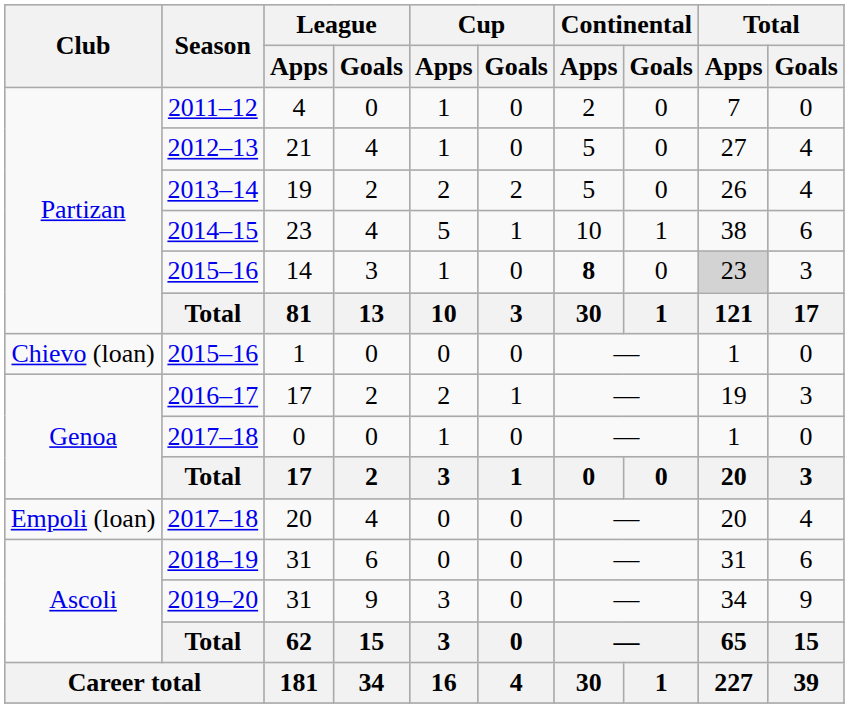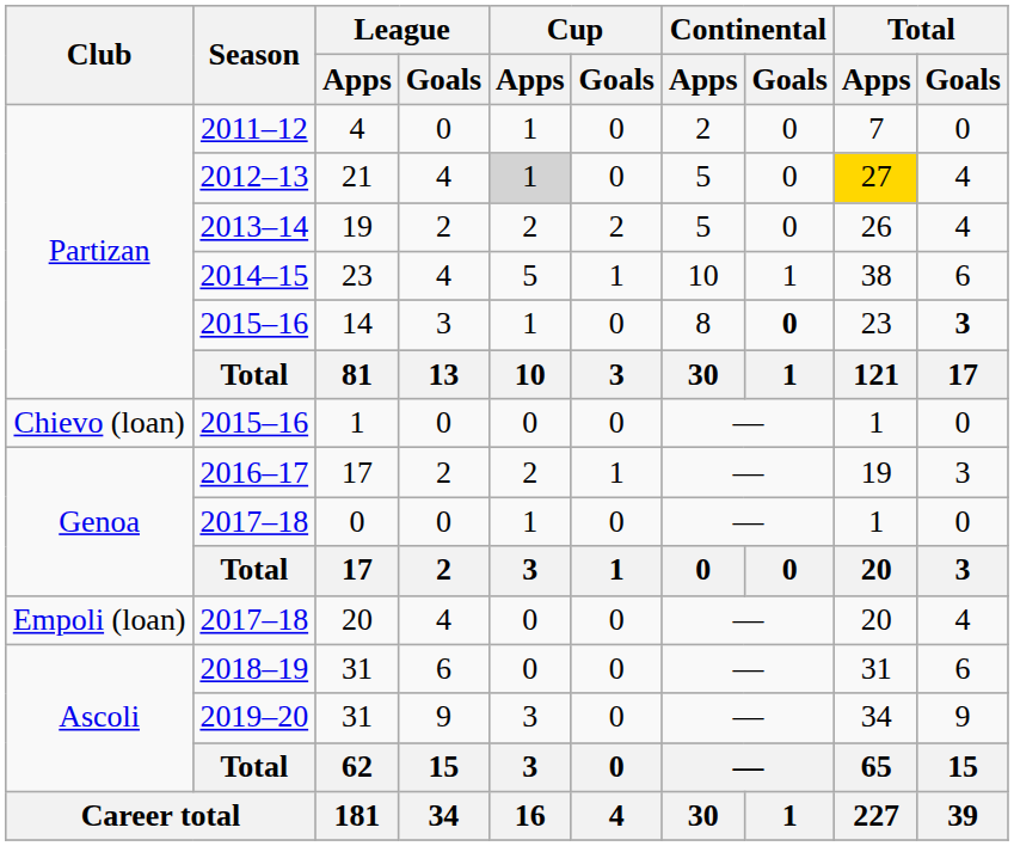 <table class="wikitable" style="text-align:center">
 <tr>
 <th rowspan="2">Club</th>
 <th rowspan="2">Season</th>
 <th colspan="2">League</th>
 <th colspan="2">Cup</th>
 <th colspan="2">Continental</th>
 <th colspan="2">Total</th>
 </tr>
 <tr>
 <th>Apps</th>
 <th>Goals</th>
 <th>Apps</th>
 <th>Goals</th>
 <th>Apps</th>
 <th>Goals</th>
 <th>Apps</th>
 <th>Goals</th>
 </tr>
 <tr>
 <td rowspan="6"><a href='#'>Partizan</a></td>
 <td><a href='#'>2011–12</a></td>
 <td>4</td>
 <td>0</td>
 <td>1</td>
 <td>0</td>
 <td>2</td>
 <td>0</td>
 <td>7</td>
 <td>0</td>
 </tr>
 <tr>
 <td><a href='#'>2012–13</a></td>
 <td>21</td>
 <td>4</td>
-<td>1</td>
+<td style="background: lightgrey;">1</td>
 <td>0</td>
 <td>5</td>
 <td>0</td>
-<td>27</td>
+<td style="background: gold;">27</td>
 <td>4</td>
 </tr>
 <tr>
 <td><a href='#'>2013–14</a></td>
 <td>19</td>
 <td>2</td>
 <td>2</td>
 <td>2</td>
 <td>5</td>
 <td>0</td>
 <td>26</td>
 <td>4</td>
 </tr>
 <tr>
 <td><a href='#'>2014–15</a></td>
 <td>23</td>
 <td>4</td>
 <td>5</td>
 <td>1</td>
 <td>10</td>
 <td>1</td>
 <td>38</td>
 <td>6</td>
 </tr>
 <tr>
 <td><a href='#'>2015–16</a></td>
 <td>14</td>
 <td>3</td>
 <td>1</td>
 <td>0</td>
-<td><strong>8</strong></td>
-<td>0</td>
-<td style="background: lightgrey;">23</td>
-<td>3</td>
+<td>8</td>
+<td><strong>0</strong></td>
+<td>23</td>
+<td><strong>3</strong></td>
 </tr>
 <tr>
 <th>Total</th>
 <th>81</th>
 <th>13</th>
 <th>10</th>
 <th>3</th>
 <th>30</th>
 <th>1</th>
 <th>121</th>
 <th>17</th>
 </tr>
 <tr>
 <td><a href='#'>Chievo</a> (loan)</td>
 <td><a href='#'>2015–16</a></td>
 <td>1</td>
 <td>0</td>
 <td>0</td>
 <td>0</td>
 <td colspan="2">—</td>
 <td>1</td>
 <td>0</td>
 </tr>
 <tr>
 <td rowspan="3"><a href='#'>Genoa</a></td>
 <td><a href='#'>2016–17</a></td>
 <td>17</td>
 <td>2</td>
 <td>2</td>
 <td>1</td>
 <td colspan="2">—</td>
 <td>19</td>
 <td>3</td>
 </tr>
 <tr>
 <td><a href='#'>2017–18</a></td>
 <td>0</td>
 <td>0</td>
 <td>1</td>
 <td>0</td>
 <td colspan="2">—</td>
 <td>1</td>
 <td>0</td>
 </tr>
 <tr>
 <th>Total</th>
 <th>17</th>
 <th>2</th>
 <th>3</th>
 <th>1</th>
 <th>0</th>
 <th>0</th>
 <th>20</th>
 <th>3</th>
 </tr>
 <tr>
 <td><a href='#'>Empoli</a> (loan)</td>
 <td><a href='#'>2017–18</a></td>
 <td>20</td>
 <td>4</td>
 <td>0</td>
 <td>0</td>
 <td colspan="2">—</td>
 <td>20</td>
 <td>4</td>
 </tr>
 <tr>
 <td rowspan="3"><a href='#'>Ascoli</a></td>
 <td><a href='#'>2018–19</a></td>
 <td>31</td>
 <td>6</td>
 <td>0</td>
 <td>0</td>
 <td colspan="2">—</td>
 <td>31</td>
 <td>6</td>
 </tr>
 <tr>
 <td><a href='#'>2019–20</a></td>
 <td>31</td>
 <td>9</td>
 <td>3</td>
 <td>0</td>
 <td colspan="2">—</td>
 <td>34</td>
 <td>9</td>
 </tr>
 <tr>
 <th>Total</th>
 <th>62</th>
 <th>15</th>
 <th>3</th>
 <th>0</th>
 <th colspan="2">—</th>
 <th>65</th>
 <th>15</th>
 </tr>
 <tr>
 <th colspan="2">Career total</th>
 <th>181</th>
 <th>34</th>
 <th>16</th>
 <th>4</th>
 <th>30</th>
 <th>1</th>
 <th>227</th>
 <th>39</th>
 </tr>
 </table>
